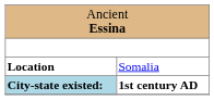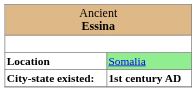 <table class="toccolours" border="1" cellpadding="2" cellspacing="2" style="float: right; margin: 0 0 1em 1em; width: 250px; border-collapse: collapse; font-size: 95%;">
 <tr>
 <td colspan="2" style="margin-left: inherit; background:#DEB887; text-align:center; font-size: medium;">Ancient<br><strong>Essina</strong></td>
 </tr>
 <tr align="center">
 <td colspan="2"><div><br></div></td>
 </tr>
 <tr style="vertical-align: top;">
 <td><strong>Location</strong></td>
-<td><a href='#'>Somalia</a></td>
+<td style="background: lightgreen;"><a href='#'>Somalia</a></td>
 </tr>
 <tr style="vertical-align: top;">
-<td style="background: lightblue;"><strong>City-state existed:</strong></td>
+<td><strong>City-state existed:</strong></td>
 <td><strong>1st century AD</strong></td>
 </tr>
 <tr style="vertical-align: top;">
 </tr>
 </table>
